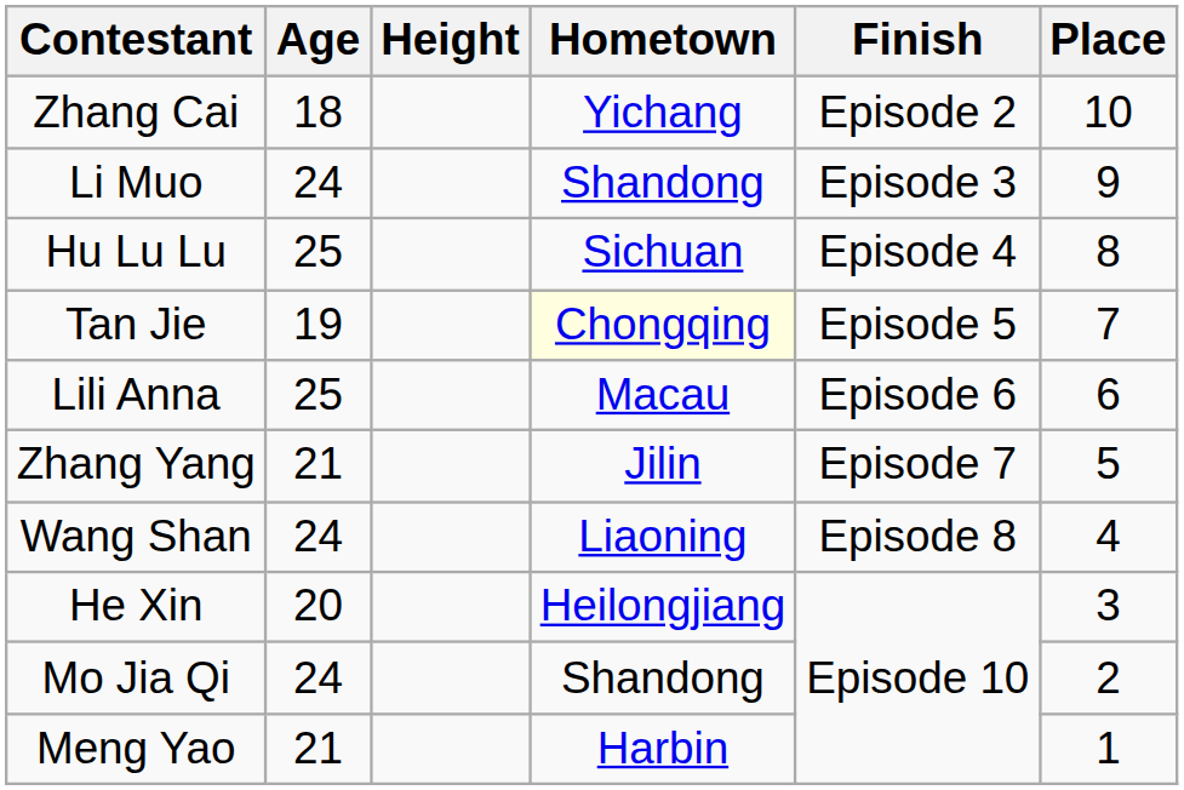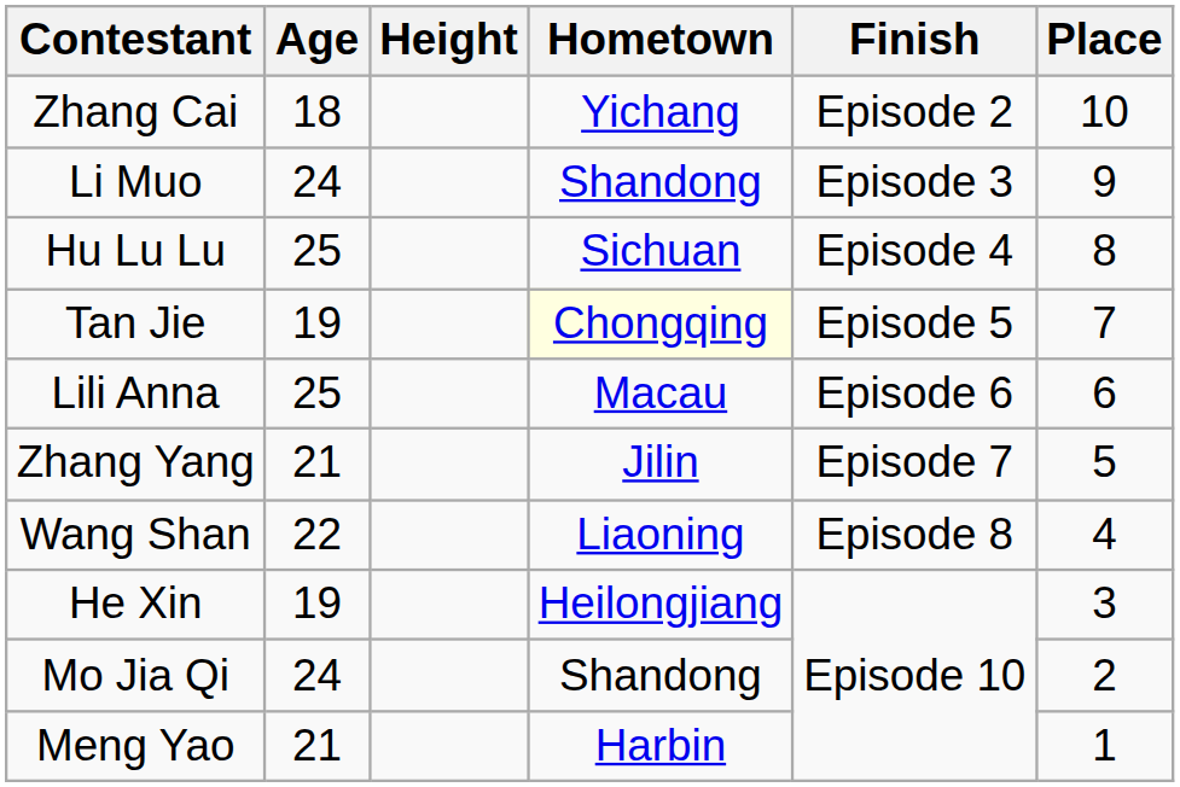 <table class="wikitable sortable" style="text-align:center;">
 <tr>
 <th>Contestant</th>
 <th>Age</th>
 <th>Height</th>
 <th>Hometown</th>
 <th>Finish</th>
 <th>Place</th>
 </tr>
 <tr>
 <td>Zhang Cai</td>
 <td>18</td>
 <td></td>
 <td><a href='#'>Yichang</a></td>
 <td>Episode 2</td>
 <td>10</td>
 </tr>
 <tr>
 <td>Li Muo</td>
 <td>24</td>
 <td></td>
 <td><a href='#'>Shandong</a></td>
 <td>Episode 3</td>
 <td>9</td>
 </tr>
 <tr>
 <td>Hu Lu Lu</td>
 <td>25</td>
 <td></td>
 <td><a href='#'>Sichuan</a></td>
 <td>Episode 4</td>
 <td>8</td>
 </tr>
 <tr>
 <td>Tan Jie</td>
 <td>19</td>
 <td></td>
 <td style="background: lightyellow;"><a href='#'>Chongqing</a></td>
 <td>Episode 5</td>
 <td>7</td>
 </tr>
 <tr>
 <td>Lili Anna</td>
 <td>25</td>
 <td></td>
 <td><a href='#'>Macau</a></td>
 <td>Episode 6</td>
 <td>6</td>
 </tr>
 <tr>
 <td>Zhang Yang</td>
 <td>21</td>
 <td></td>
 <td><a href='#'>Jilin</a></td>
 <td>Episode 7</td>
 <td>5</td>
 </tr>
 <tr>
 <td>Wang Shan</td>
-<td>24</td>
+<td>22</td>
 <td></td>
 <td><a href='#'>Liaoning</a></td>
 <td>Episode 8</td>
 <td>4</td>
 </tr>
 <tr>
 <td>He Xin</td>
-<td>20</td>
+<td>19</td>
 <td></td>
 <td><a href='#'>Heilongjiang</a></td>
 <td rowspan="3">Episode 10</td>
 <td>3</td>
 </tr>
 <tr>
 <td>Mo Jia Qi</td>
 <td>24</td>
 <td></td>
 <td>Shandong</td>
 <td>2</td>
 </tr>
 <tr>
 <td>Meng Yao</td>
 <td>21</td>
 <td></td>
 <td><a href='#'>Harbin</a></td>
 <td>1</td>
 </tr>
 </table>
